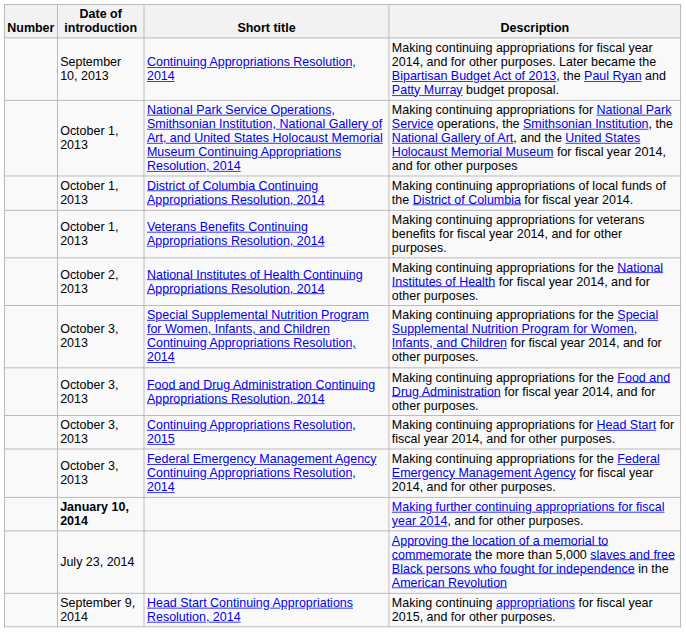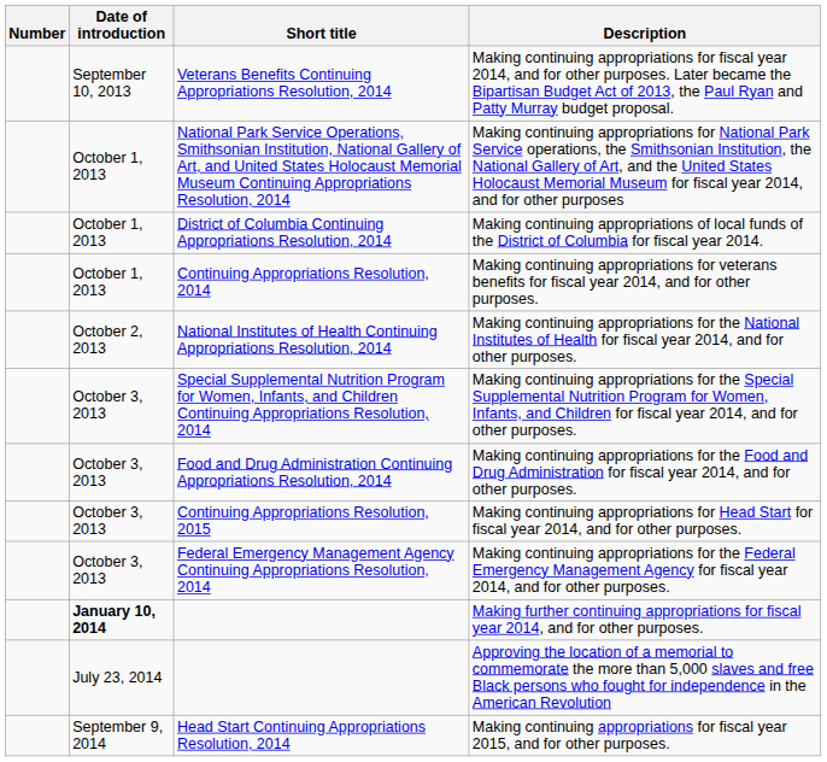 <table class=wikitable>
 <tr valign=bottom>
 <th>Number</th>
 <th>Date of introduction</th>
 <th>Short title</th>
 <th>Description</th>
 </tr>
 <tr>
 <td></td>
 <td>September 10, 2013</td>
-<td><a href='#'>Continuing Appropriations Resolution, 2014</a></td>
+<td><a href='#'>Veterans Benefits Continuing Appropriations Resolution, 2014</a></td>
 <td>Making continuing appropriations for fiscal year 2014, and for other purposes. Later became the <a href='#'>Bipartisan Budget Act of 2013</a>, the <a href='#'>Paul Ryan</a> and <a href='#'>Patty Murray</a> budget proposal.</td>
 </tr>
 <tr>
 <td></td>
 <td>October 1, 2013</td>
 <td><a href='#'>National Park Service Operations, Smithsonian Institution, National Gallery of Art, and United States Holocaust Memorial Museum Continuing Appropriations Resolution, 2014</a></td>
 <td>Making continuing appropriations for <a href='#'>National Park Service</a> operations, the <a href='#'>Smithsonian Institution</a>, the <a href='#'>National Gallery of Art</a>, and the <a href='#'>United States Holocaust Memorial Museum</a> for fiscal year 2014, and for other purposes</td>
 </tr>
 <tr>
 <td></td>
 <td>October 1, 2013</td>
 <td><a href='#'>District of Columbia Continuing Appropriations Resolution, 2014</a></td>
 <td>Making continuing appropriations of local funds of the <a href='#'>District of Columbia</a> for fiscal year 2014.</td>
 </tr>
 <tr>
 <td></td>
 <td>October 1, 2013</td>
-<td><a href='#'>Veterans Benefits Continuing Appropriations Resolution, 2014</a></td>
+<td><a href='#'>Continuing Appropriations Resolution, 2014</a></td>
 <td>Making continuing appropriations for veterans benefits for fiscal year 2014, and for other purposes.</td>
 </tr>
 <tr>
 <td></td>
 <td>October 2, 2013</td>
 <td><a href='#'>National Institutes of Health Continuing Appropriations Resolution, 2014</a></td>
 <td>Making continuing appropriations for the <a href='#'>National Institutes of Health</a> for fiscal year 2014, and for other purposes.</td>
 </tr>
 <tr>
 <td></td>
 <td>October 3, 2013</td>
 <td><a href='#'>Special Supplemental Nutrition Program for Women, Infants, and Children Continuing Appropriations Resolution, 2014</a></td>
 <td>Making continuing appropriations for the <a href='#'>Special Supplemental Nutrition Program for Women, Infants, and Children</a> for fiscal year 2014, and for other purposes.</td>
 </tr>
 <tr>
 <td></td>
 <td>October 3, 2013</td>
 <td><a href='#'>Food and Drug Administration Continuing Appropriations Resolution, 2014</a></td>
 <td>Making continuing appropriations for the <a href='#'>Food and Drug Administration</a> for fiscal year 2014, and for other purposes.</td>
 </tr>
 <tr>
 <td></td>
 <td>October 3, 2013</td>
 <td><a href='#'>Continuing Appropriations Resolution, 2015</a></td>
 <td>Making continuing appropriations for <a href='#'>Head Start</a> for fiscal year 2014, and for other purposes.</td>
 </tr>
 <tr>
 <td></td>
 <td>October 3, 2013</td>
 <td><a href='#'>Federal Emergency Management Agency Continuing Appropriations Resolution, 2014</a></td>
 <td>Making continuing appropriations for the <a href='#'>Federal Emergency Management Agency</a> for fiscal year 2014, and for other purposes.</td>
 </tr>
 <tr>
 <td></td>
 <td><strong>January 10, 2014</strong></td>
 <td></td>
 <td><a href='#'>Making further continuing appropriations for fiscal year 2014</a>, and for other purposes.</td>
 </tr>
 <tr>
 <td></td>
 <td>July 23, 2014</td>
 <td></td>
 <td><a href='#'>Approving the location of a memorial to commemorate</a> the more than 5,000 <a href='#'>slaves and free Black persons who fought for independence</a> in the <a href='#'>American Revolution</a></td>
 </tr>
 <tr>
 <td></td>
 <td>September 9, 2014</td>
 <td><a href='#'>Head Start Continuing Appropriations Resolution, 2014</a></td>
 <td>Making continuing <a href='#'>appropriations</a> for fiscal year 2015, and for other purposes.</td>
 </tr>
 </table>
